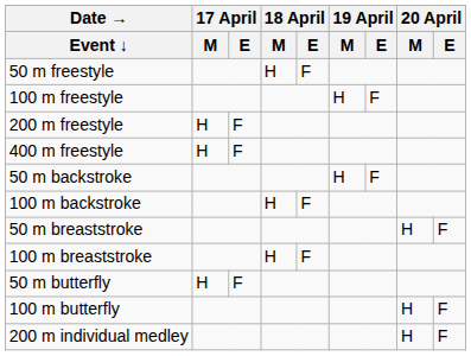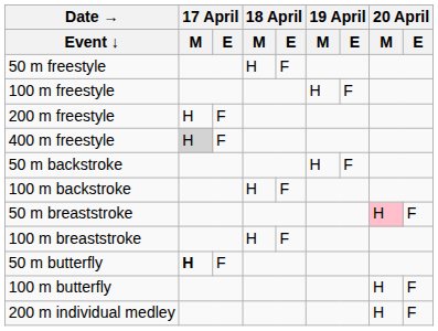 <table class="wikitable swimming-schedule floatleft">
 <tr>
 <th>Date →</th>
 <th colspan=2>17 April</th>
 <th colspan=2>18 April</th>
 <th colspan=2>19 April</th>
 <th colspan=2>20 April</th>
 </tr>
 <tr>
 <th>Event ↓</th>
 <th>M</th>
 <th>E</th>
 <th>M</th>
 <th>E</th>
 <th>M</th>
 <th>E</th>
 <th>M</th>
 <th>E</th>
 </tr>
 <tr>
 <td class=event>50 m freestyle</td>
 <td colspan=2></td>
 <td class=heats>H</td>
 <td class=final>F</td>
 <td colspan=2></td>
 <td colspan=2></td>
 </tr>
 <tr>
 <td class=event>100 m freestyle</td>
 <td colspan=2></td>
 <td colspan=2></td>
 <td class=heats>H</td>
 <td class=final>F</td>
 <td colspan=2></td>
 </tr>
 <tr>
 <td class=event>200 m freestyle</td>
 <td class=heats>H</td>
 <td class=final>F</td>
 <td colspan=2></td>
 <td colspan=2></td>
 <td colspan=2></td>
 </tr>
 <tr>
 <td class=event>400 m freestyle</td>
-<td class=heats>H</td>
+<td class=heats style="background: lightgrey;">H</td>
 <td class=final>F</td>
 <td colspan=2></td>
 <td colspan=2></td>
 <td colspan=2></td>
 </tr>
 <tr>
 <td class=event>50 m backstroke</td>
 <td colspan=2></td>
 <td colspan=2></td>
 <td class=heats>H</td>
 <td class=final>F</td>
 <td colspan=2></td>
 </tr>
 <tr>
 <td class=event>100 m backstroke</td>
 <td colspan=2></td>
 <td class=heats>H</td>
 <td class=final>F</td>
 <td colspan=2></td>
 <td colspan=2></td>
 </tr>
 <tr>
 <td class=event>50 m breaststroke</td>
 <td colspan=2></td>
 <td colspan=2></td>
 <td colspan=2></td>
-<td class=heats>H</td>
+<td class=heats style="background: pink;">H</td>
 <td class=final>F</td>
 </tr>
 <tr>
 <td class=event>100 m breaststroke</td>
 <td colspan=2></td>
 <td class=heats>H</td>
 <td class=final>F</td>
 <td colspan=2></td>
 <td colspan=2></td>
 </tr>
 <tr>
 <td class=event>50 m butterfly</td>
-<td class=heats>H</td>
+<td class=heats><strong>H</strong></td>
 <td class=final>F</td>
 <td colspan=2></td>
 <td colspan=2></td>
 <td colspan=2></td>
 </tr>
 <tr>
 <td class=event>100 m butterfly</td>
 <td colspan=2></td>
 <td colspan=2></td>
 <td colspan=2></td>
 <td class=heats>H</td>
 <td class=final>F</td>
 </tr>
 <tr>
 <td class=event>200 m individual medley</td>
 <td colspan=2></td>
 <td colspan=2></td>
 <td colspan=2></td>
 <td class=heats>H</td>
 <td class=final>F</td>
 </tr>
 </table>
